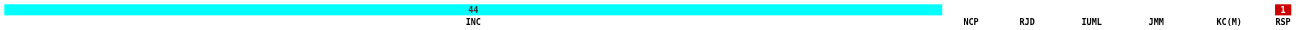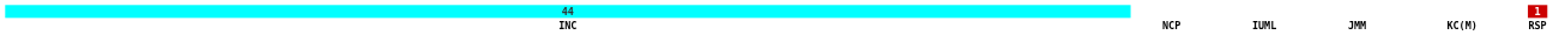 <table style="width:100%; text-align:center;">
 <tr style="color:white;">
 <td style="background:aqua; color:#333; width:73.33%;"><strong>44</strong></td>
 <td style="background:"><strong>6</strong></td>
-<td style="background:"><strong>4</strong></td>
 <td style="background:"><strong>2</strong></td>
 <td style="background:"><strong>2</strong></td>
 <td style="background:"><strong>1</strong></td>
 <td style="background:#c00; width:0.18%;"><strong>1</strong></td>
 </tr>
 <tr>
 <td><span><strong>INC</strong></span></td>
 <td><span><strong>NCP</strong></span></td>
-<td><span><strong>RJD</strong></span></td>
 <td><span><strong>IUML</strong></span></td>
 <td><span><strong>JMM</strong></span></td>
 <td><span><strong>KC(M)</strong></span></td>
 <td><span><strong>RSP</strong></span></td>
 </tr>
 </table>
